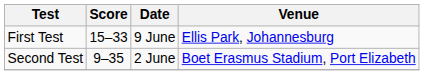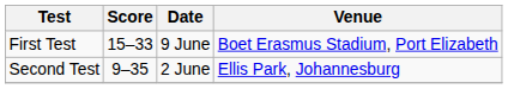 <table class="wikitable">
 <tr>
 <th>Test</th>
 <th>Score</th>
 <th>Date</th>
 <th>Venue</th>
 </tr>
 <tr>
 <td>First Test</td>
 <td align=center>15–33</td>
 <td>9 June</td>
-<td><a href='#'>Ellis Park</a>, <a href='#'>Johannesburg</a></td>
+<td><a href='#'>Boet Erasmus Stadium</a>, <a href='#'>Port Elizabeth</a></td>
 </tr>
 <tr>
 <td>Second Test</td>
 <td align=center>9–35</td>
 <td>2 June</td>
-<td><a href='#'>Boet Erasmus Stadium</a>, <a href='#'>Port Elizabeth</a></td>
+<td><a href='#'>Ellis Park</a>, <a href='#'>Johannesburg</a></td>
 </tr>
 <tr>
 </tr>
 </table>
